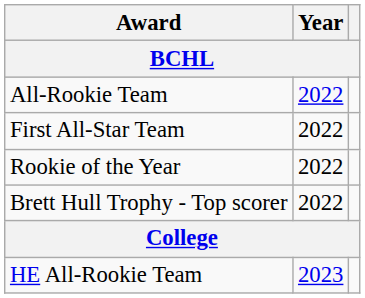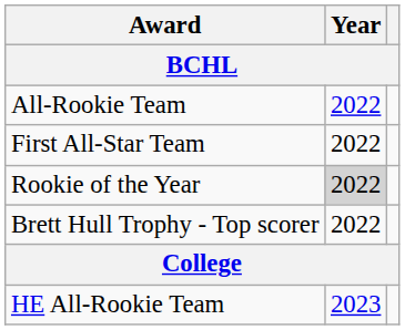 <table class="wikitable">
 <tr>
 <th>Award</th>
 <th>Year</th>
 <th></th>
 </tr>
 <tr ALIGN="center" bgcolor="#e0e0e0">
 <th colspan="3"><a href='#'>BCHL</a></th>
 </tr>
 <tr>
 <td>All-Rookie Team</td>
 <td><a href='#'>2022</a></td>
 <td></td>
 </tr>
 <tr>
 <td>First All-Star Team</td>
 <td>2022</td>
 <td></td>
 </tr>
 <tr>
 <td>Rookie of the Year</td>
-<td>2022</td>
+<td style="background: lightgrey;">2022</td>
 <td></td>
 </tr>
 <tr>
 <td>Brett Hull Trophy - Top scorer</td>
 <td>2022</td>
 <td></td>
 </tr>
 <tr ALIGN="center" bgcolor="#e0e0e0">
 <th colspan="3"><a href='#'>College</a></th>
 </tr>
 <tr>
 <td><a href='#'>HE</a> All-Rookie Team</td>
 <td><a href='#'>2023</a></td>
 <td></td>
 </tr>
 </table>
